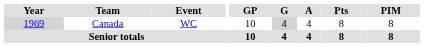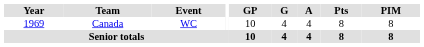 <table border="0" cellpadding="1" cellspacing="0" ID="Table3" style="text-align:center; width:40em">
 <tr bgcolor="#e0e0e0">
 <th>Year</th>
 <th>Team</th>
 <th>Event</th>
 <th rowspan="102" bgcolor="#ffffff"></th>
 <th>GP</th>
 <th>G</th>
 <th>A</th>
 <th>Pts</th>
 <th>PIM</th>
 </tr>
 <tr>
-<td style="background: lightgrey;"><a href='#'>1969</a></td>
+<td><a href='#'>1969</a></td>
 <td><a href='#'>Canada</a></td>
 <td><a href='#'>WC</a></td>
 <td>10</td>
-<td style="background: lightgrey;">4</td>
+<td>4</td>
 <td>4</td>
 <td>8</td>
 <td>8</td>
 </tr>
 <tr bgcolor="#e0e0e0">
 <th colspan="4">Senior totals</th>
 <th>10</th>
 <th>4</th>
 <th>4</th>
 <th>8</th>
 <th>8</th>
 </tr>
 </table>
